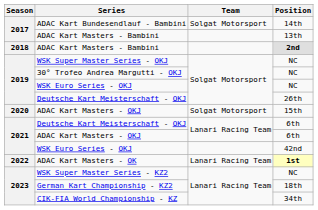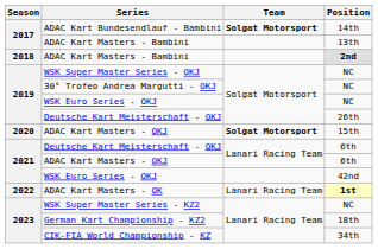 <table class="wikitable" style="font-size: 85%; text-align:center">
 <tr>
 <th>Season</th>
 <th>Series</th>
 <th>Team</th>
 <th>Position</th>
 </tr>
 <tr>
 <th rowspan="2">2017</th>
 <td align="left">ADAC Kart Bundesendlauf - Bambini</td>
-<td align="left">Solgat Motorsport</td>
+<td align="left"><strong>Solgat Motorsport</strong></td>
 <td>14th</td>
 </tr>
 <tr>
 <td align="left">ADAC Kart Masters - Bambini</td>
 <td align="left"></td>
 <td>13th</td>
 </tr>
 <tr>
 <th>2018</th>
 <td align="left">ADAC Kart Masters - Bambini</td>
 <td align="left"></td>
 <th style="background:#DFDFDF"><strong>2nd</strong></th>
 </tr>
 <tr>
 <th rowspan="4">2019</th>
 <td align="left"><a href='#'>WSK Super Master Series</a> - <a href='#'>OKJ</a></td>
 <td rowspan="4" align=left>Solgat Motorsport</td>
 <td>NC</td>
 </tr>
 <tr>
 <td align="left">30° Trofeo Andrea Margutti - <a href='#'>OKJ</a></td>
 <td>NC</td>
 </tr>
 <tr>
 <td align="left"><a href='#'>WSK Euro Series</a> - <a href='#'>OKJ</a></td>
 <td>NC</td>
 </tr>
 <tr>
 <td align="left"><a href='#'>Deutsche Kart Meisterschaft</a> - <a href='#'>OKJ</a></td>
 <td>26th</td>
 </tr>
 <tr>
 <th>2020</th>
 <td align="left">ADAC Kart Masters - <a href='#'>OKJ</a></td>
-<td align="left">Solgat Motorsport</td>
+<td align="left"><strong>Solgat Motorsport</strong></td>
 <td>15th</td>
 </tr>
 <tr>
 <th rowspan="3">2021</th>
 <td align="left"><a href='#'>Deutsche Kart Meisterschaft</a> - <a href='#'>OKJ</a></td>
 <td rowspan="2" align="left">Lanari Racing Team</td>
 <td>6th</td>
 </tr>
 <tr>
 <td align="left">ADAC Kart Masters - <a href='#'>OKJ</a></td>
 <td>6th</td>
 </tr>
 <tr>
 <td align="left"><a href='#'>WSK Euro Series</a> - <a href='#'>OKJ</a></td>
 <td align="left"></td>
 <td>42nd</td>
 </tr>
 <tr>
 <th>2022</th>
 <td align="left">ADAC Kart Masters - <a href='#'>OK</a></td>
 <td align="left">Lanari Racing Team</td>
 <th style="background:#FFFFBF"><strong>1st</strong></th>
 </tr>
 <tr>
 <th rowspan="3">2023</th>
 <td align="left"><a href='#'>WSK Super Master Series</a> - <a href='#'>KZ2</a></td>
 <td align=left rowspan="3">Lanari Racing Team</td>
 <td>NC</td>
 </tr>
 <tr>
 <td align="left"><a href='#'>German Kart Championship</a> - <a href='#'>KZ2</a></td>
 <td>18th</td>
 </tr>
 <tr>
 <td align="left"><a href='#'>CIK-FIA World Championship</a> - <a href='#'>KZ</a></td>
 <td>34th</td>
 </tr>
 </table>
